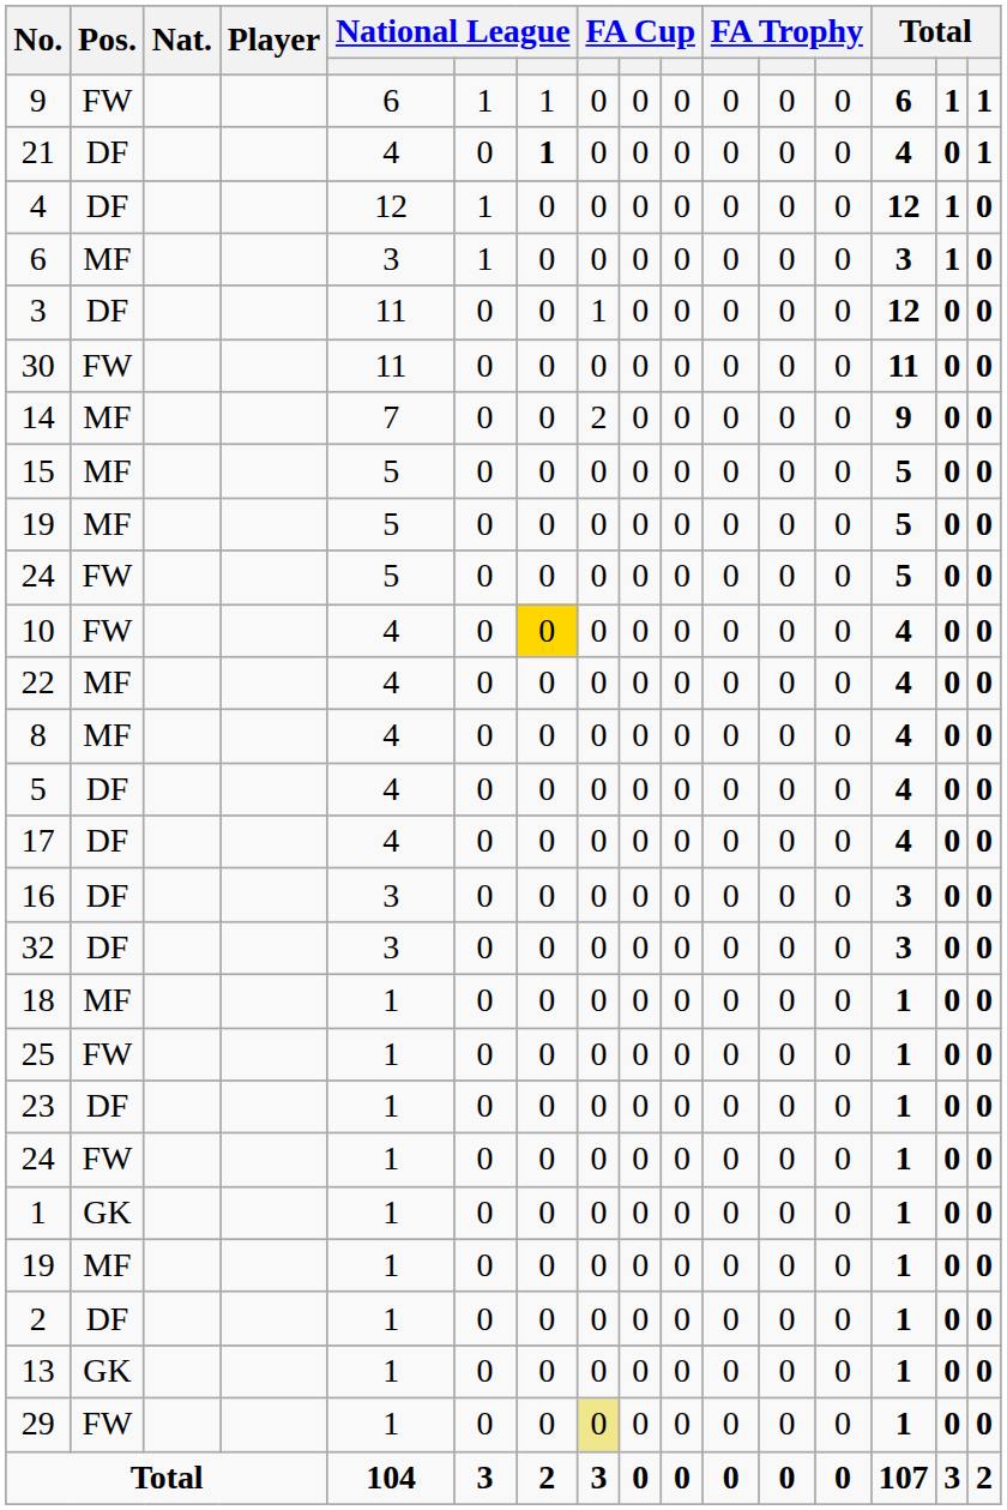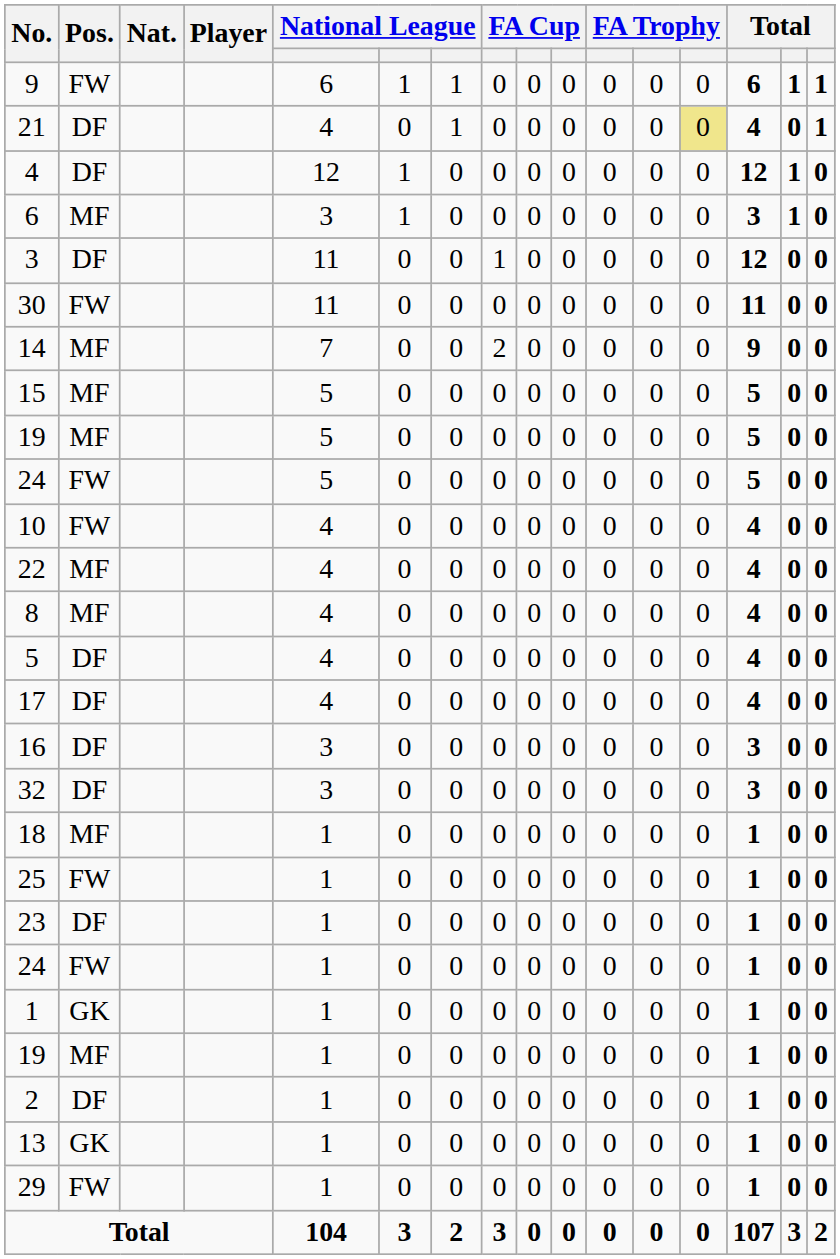 <table class="wikitable sortable" style="text-align:center">
 <tr>
 <th rowspan="2">No.</th>
 <th rowspan="2">Pos.</th>
 <th rowspan="2">Nat.</th>
 <th rowspan="2">Player</th>
 <th colspan="3"><a href='#'>National League</a></th>
 <th colspan="3"><a href='#'>FA Cup</a></th>
 <th colspan="3"><a href='#'>FA Trophy</a></th>
 <th colspan="3">Total</th>
 </tr>
 <tr>
 <th></th>
 <th></th>
 <th></th>
 <th></th>
 <th></th>
 <th></th>
 <th></th>
 <th></th>
 <th></th>
 <th></th>
 <th></th>
 <th></th>
 </tr>
 <tr>
 <td>9</td>
 <td>FW</td>
 <td></td>
 <td align=left></td>
 <td>6</td>
 <td>1</td>
 <td>1</td>
 <td>0</td>
 <td>0</td>
 <td>0</td>
 <td>0</td>
 <td>0</td>
 <td>0</td>
 <td><strong>6</strong></td>
 <td><strong>1</strong></td>
 <td><strong>1</strong></td>
 </tr>
 <tr>
 <td>21</td>
 <td>DF</td>
 <td></td>
 <td align=left></td>
 <td>4</td>
 <td>0</td>
-<td><strong>1</strong></td>
+<td>1</td>
 <td>0</td>
 <td>0</td>
 <td>0</td>
 <td>0</td>
 <td>0</td>
-<td>0</td>
+<td style="background: khaki;">0</td>
 <td><strong>4</strong></td>
 <td><strong>0</strong></td>
 <td><strong>1</strong></td>
 </tr>
 <tr>
 <td>4</td>
 <td>DF</td>
 <td></td>
 <td align=left></td>
 <td>12</td>
 <td>1</td>
 <td>0</td>
 <td>0</td>
 <td>0</td>
 <td>0</td>
 <td>0</td>
 <td>0</td>
 <td>0</td>
 <td><strong>12</strong></td>
 <td><strong>1</strong></td>
 <td><strong>0</strong></td>
 </tr>
 <tr>
 <td>6</td>
 <td>MF</td>
 <td></td>
 <td align=left></td>
 <td>3</td>
 <td>1</td>
 <td>0</td>
 <td>0</td>
 <td>0</td>
 <td>0</td>
 <td>0</td>
 <td>0</td>
 <td>0</td>
 <td><strong>3</strong></td>
 <td><strong>1</strong></td>
 <td><strong>0</strong></td>
 </tr>
 <tr>
 <td>3</td>
 <td>DF</td>
 <td></td>
 <td align=left></td>
 <td>11</td>
 <td>0</td>
 <td>0</td>
 <td>1</td>
 <td>0</td>
 <td>0</td>
 <td>0</td>
 <td>0</td>
 <td>0</td>
 <td><strong>12</strong></td>
 <td><strong>0</strong></td>
 <td><strong>0</strong></td>
 </tr>
 <tr>
 <td>30</td>
 <td>FW</td>
 <td></td>
 <td align=left></td>
 <td>11</td>
 <td>0</td>
 <td>0</td>
 <td>0</td>
 <td>0</td>
 <td>0</td>
 <td>0</td>
 <td>0</td>
 <td>0</td>
 <td><strong>11</strong></td>
 <td><strong>0</strong></td>
 <td><strong>0</strong></td>
 </tr>
 <tr>
 <td>14</td>
 <td>MF</td>
 <td></td>
 <td align=left></td>
 <td>7</td>
 <td>0</td>
 <td>0</td>
 <td>2</td>
 <td>0</td>
 <td>0</td>
 <td>0</td>
 <td>0</td>
 <td>0</td>
 <td><strong>9</strong></td>
 <td><strong>0</strong></td>
 <td><strong>0</strong></td>
 </tr>
 <tr>
 <td>15</td>
 <td>MF</td>
 <td></td>
 <td align=left></td>
 <td>5</td>
 <td>0</td>
 <td>0</td>
 <td>0</td>
 <td>0</td>
 <td>0</td>
 <td>0</td>
 <td>0</td>
 <td>0</td>
 <td><strong>5</strong></td>
 <td><strong>0</strong></td>
 <td><strong>0</strong></td>
 </tr>
 <tr>
 <td>19</td>
 <td>MF</td>
 <td></td>
 <td align=left></td>
 <td>5</td>
 <td>0</td>
 <td>0</td>
 <td>0</td>
 <td>0</td>
 <td>0</td>
 <td>0</td>
 <td>0</td>
 <td>0</td>
 <td><strong>5</strong></td>
 <td><strong>0</strong></td>
 <td><strong>0</strong></td>
 </tr>
 <tr>
 <td>24</td>
 <td>FW</td>
 <td></td>
 <td align=left></td>
 <td>5</td>
 <td>0</td>
 <td>0</td>
 <td>0</td>
 <td>0</td>
 <td>0</td>
 <td>0</td>
 <td>0</td>
 <td>0</td>
 <td><strong>5</strong></td>
 <td><strong>0</strong></td>
 <td><strong>0</strong></td>
 </tr>
 <tr>
 <td>10</td>
 <td>FW</td>
 <td></td>
 <td align=left></td>
 <td>4</td>
 <td>0</td>
-<td style="background: gold;">0</td>
+<td>0</td>
 <td>0</td>
 <td>0</td>
 <td>0</td>
 <td>0</td>
 <td>0</td>
 <td>0</td>
 <td><strong>4</strong></td>
 <td><strong>0</strong></td>
 <td><strong>0</strong></td>
 </tr>
 <tr>
 <td>22</td>
 <td>MF</td>
 <td></td>
 <td align=left></td>
 <td>4</td>
 <td>0</td>
 <td>0</td>
 <td>0</td>
 <td>0</td>
 <td>0</td>
 <td>0</td>
 <td>0</td>
 <td>0</td>
 <td><strong>4</strong></td>
 <td><strong>0</strong></td>
 <td><strong>0</strong></td>
 </tr>
 <tr>
 <td>8</td>
 <td>MF</td>
 <td></td>
 <td align=left></td>
 <td>4</td>
 <td>0</td>
 <td>0</td>
 <td>0</td>
 <td>0</td>
 <td>0</td>
 <td>0</td>
 <td>0</td>
 <td>0</td>
 <td><strong>4</strong></td>
 <td><strong>0</strong></td>
 <td><strong>0</strong></td>
 </tr>
 <tr>
 <td>5</td>
 <td>DF</td>
 <td></td>
 <td align=left></td>
 <td>4</td>
 <td>0</td>
 <td>0</td>
 <td>0</td>
 <td>0</td>
 <td>0</td>
 <td>0</td>
 <td>0</td>
 <td>0</td>
 <td><strong>4</strong></td>
 <td><strong>0</strong></td>
 <td><strong>0</strong></td>
 </tr>
 <tr>
 <td>17</td>
 <td>DF</td>
 <td></td>
 <td align=left></td>
 <td>4</td>
 <td>0</td>
 <td>0</td>
 <td>0</td>
 <td>0</td>
 <td>0</td>
 <td>0</td>
 <td>0</td>
 <td>0</td>
 <td><strong>4</strong></td>
 <td><strong>0</strong></td>
 <td><strong>0</strong></td>
 </tr>
 <tr>
 <td>16</td>
 <td>DF</td>
 <td></td>
 <td align=left></td>
 <td>3</td>
 <td>0</td>
 <td>0</td>
 <td>0</td>
 <td>0</td>
 <td>0</td>
 <td>0</td>
 <td>0</td>
 <td>0</td>
 <td><strong>3</strong></td>
 <td><strong>0</strong></td>
 <td><strong>0</strong></td>
 </tr>
 <tr>
 <td>32</td>
 <td>DF</td>
 <td></td>
 <td align=left></td>
 <td>3</td>
 <td>0</td>
 <td>0</td>
 <td>0</td>
 <td>0</td>
 <td>0</td>
 <td>0</td>
 <td>0</td>
 <td>0</td>
 <td><strong>3</strong></td>
 <td><strong>0</strong></td>
 <td><strong>0</strong></td>
 </tr>
 <tr>
 <td>18</td>
 <td>MF</td>
 <td></td>
 <td align=left></td>
 <td>1</td>
 <td>0</td>
 <td>0</td>
 <td>0</td>
 <td>0</td>
 <td>0</td>
 <td>0</td>
 <td>0</td>
 <td>0</td>
 <td><strong>1</strong></td>
 <td><strong>0</strong></td>
 <td><strong>0</strong></td>
 </tr>
 <tr>
 <td>25</td>
 <td>FW</td>
 <td></td>
 <td align=left></td>
 <td>1</td>
 <td>0</td>
 <td>0</td>
 <td>0</td>
 <td>0</td>
 <td>0</td>
 <td>0</td>
 <td>0</td>
 <td>0</td>
 <td><strong>1</strong></td>
 <td><strong>0</strong></td>
 <td><strong>0</strong></td>
 </tr>
 <tr>
 <td>23</td>
 <td>DF</td>
 <td></td>
 <td align=left></td>
 <td>1</td>
 <td>0</td>
 <td>0</td>
 <td>0</td>
 <td>0</td>
 <td>0</td>
 <td>0</td>
 <td>0</td>
 <td>0</td>
 <td><strong>1</strong></td>
 <td><strong>0</strong></td>
 <td><strong>0</strong></td>
 </tr>
 <tr>
 <td>24</td>
 <td>FW</td>
 <td></td>
 <td align=left></td>
 <td>1</td>
 <td>0</td>
 <td>0</td>
 <td>0</td>
 <td>0</td>
 <td>0</td>
 <td>0</td>
 <td>0</td>
 <td>0</td>
 <td><strong>1</strong></td>
 <td><strong>0</strong></td>
 <td><strong>0</strong></td>
 </tr>
 <tr>
 <td>1</td>
 <td>GK</td>
 <td></td>
 <td align=left></td>
 <td>1</td>
 <td>0</td>
 <td>0</td>
 <td>0</td>
 <td>0</td>
 <td>0</td>
 <td>0</td>
 <td>0</td>
 <td>0</td>
 <td><strong>1</strong></td>
 <td><strong>0</strong></td>
 <td><strong>0</strong></td>
 </tr>
 <tr>
 <td>19</td>
 <td>MF</td>
 <td></td>
 <td align=left></td>
 <td>1</td>
 <td>0</td>
 <td>0</td>
 <td>0</td>
 <td>0</td>
 <td>0</td>
 <td>0</td>
 <td>0</td>
 <td>0</td>
 <td><strong>1</strong></td>
 <td><strong>0</strong></td>
 <td><strong>0</strong></td>
 </tr>
 <tr>
 <td>2</td>
 <td>DF</td>
 <td></td>
 <td align=left></td>
 <td>1</td>
 <td>0</td>
 <td>0</td>
 <td>0</td>
 <td>0</td>
 <td>0</td>
 <td>0</td>
 <td>0</td>
 <td>0</td>
 <td><strong>1</strong></td>
 <td><strong>0</strong></td>
 <td><strong>0</strong></td>
 </tr>
 <tr>
 <td>13</td>
 <td>GK</td>
 <td></td>
 <td align=left></td>
 <td>1</td>
 <td>0</td>
 <td>0</td>
 <td>0</td>
 <td>0</td>
 <td>0</td>
 <td>0</td>
 <td>0</td>
 <td>0</td>
 <td><strong>1</strong></td>
 <td><strong>0</strong></td>
 <td><strong>0</strong></td>
 </tr>
 <tr>
 <td>29</td>
 <td>FW</td>
 <td></td>
 <td align=left></td>
 <td>1</td>
 <td>0</td>
 <td>0</td>
-<td style="background: khaki;">0</td>
+<td>0</td>
 <td>0</td>
 <td>0</td>
 <td>0</td>
 <td>0</td>
 <td>0</td>
 <td><strong>1</strong></td>
 <td><strong>0</strong></td>
 <td><strong>0</strong></td>
 </tr>
 <tr class="sortbottom">
 <td colspan=4><strong>Total</strong></td>
 <td><strong>104</strong></td>
 <td><strong>3</strong></td>
 <td><strong>2</strong></td>
 <td><strong>3</strong></td>
 <td><strong>0</strong></td>
 <td><strong>0</strong></td>
 <td><strong>0</strong></td>
 <td><strong>0</strong></td>
 <td><strong>0</strong></td>
 <td><strong>107</strong></td>
 <td><strong>3</strong></td>
 <td><strong>2</strong></td>
 </tr>
 </table>
